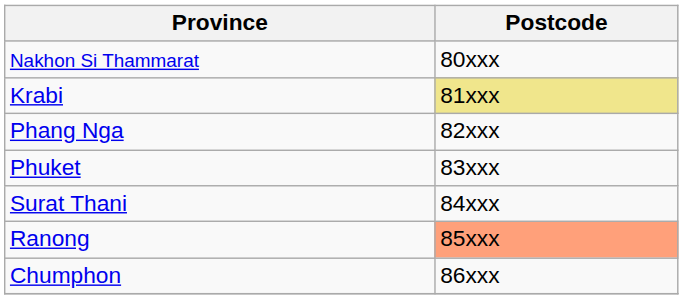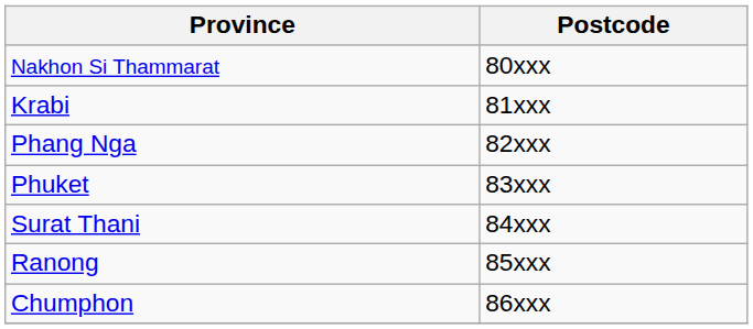 <table class="wikitable" style="width:30%; display:inline-table;">
 <tr>
 <th>Province</th>
 <th>Postcode</th>
 </tr>
 <tr>
 <td><a href='#'><small>Nakhon Si Thammarat</small></a></td>
 <td>80xxx</td>
 </tr>
 <tr>
 <td><a href='#'>Krabi</a></td>
-<td style="background: khaki;">81xxx</td>
+<td>81xxx</td>
 </tr>
 <tr>
 <td><a href='#'>Phang Nga</a></td>
 <td>82xxx</td>
 </tr>
 <tr>
 <td><a href='#'>Phuket</a></td>
 <td>83xxx</td>
 </tr>
 <tr>
 <td><a href='#'>Surat Thani</a></td>
 <td>84xxx</td>
 </tr>
 <tr>
 <td><a href='#'>Ranong</a></td>
-<td style="background: lightsalmon;">85xxx</td>
+<td>85xxx</td>
 </tr>
 <tr>
 <td><a href='#'>Chumphon</a></td>
 <td>86xxx</td>
 </tr>
 <tr>
 </tr>
 </table>
